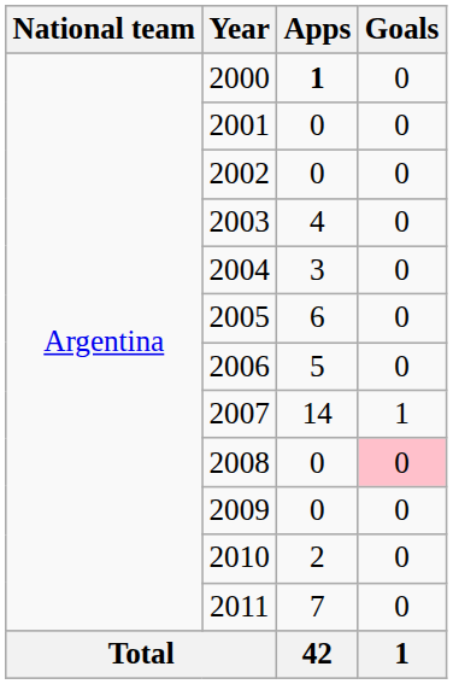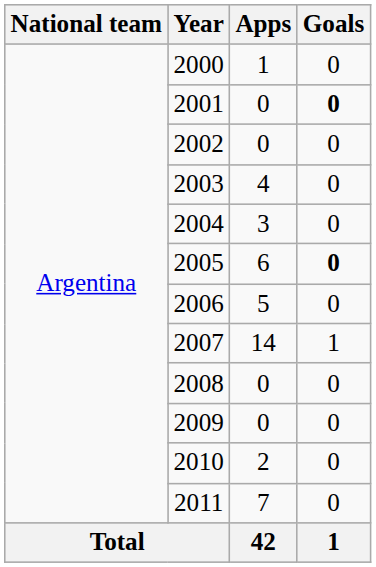 <table class="wikitable" style="text-align:center">
 <tr>
 <th>National team</th>
 <th>Year</th>
 <th>Apps</th>
 <th>Goals</th>
 </tr>
 <tr>
 <td rowspan="12"><a href='#'>Argentina</a></td>
 <td>2000</td>
-<td><strong>1</strong></td>
+<td>1</td>
 <td>0</td>
 </tr>
 <tr>
 <td>2001</td>
 <td>0</td>
-<td>0</td>
+<td><strong>0</strong></td>
 </tr>
 <tr>
 <td>2002</td>
 <td>0</td>
 <td>0</td>
 </tr>
 <tr>
 <td>2003</td>
 <td>4</td>
 <td>0</td>
 </tr>
 <tr>
 <td>2004</td>
 <td>3</td>
 <td>0</td>
 </tr>
 <tr>
 <td>2005</td>
 <td>6</td>
-<td>0</td>
+<td><strong>0</strong></td>
 </tr>
 <tr>
 <td>2006</td>
 <td>5</td>
 <td>0</td>
 </tr>
 <tr>
 <td>2007</td>
 <td>14</td>
 <td>1</td>
 </tr>
 <tr>
 <td>2008</td>
 <td>0</td>
-<td style="background: pink;">0</td>
+<td>0</td>
 </tr>
 <tr>
 <td>2009</td>
 <td>0</td>
 <td>0</td>
 </tr>
 <tr>
 <td>2010</td>
 <td>2</td>
 <td>0</td>
 </tr>
 <tr>
 <td>2011</td>
 <td>7</td>
 <td>0</td>
 </tr>
 <tr>
 <th colspan="2">Total</th>
 <th>42</th>
 <th>1</th>
 </tr>
 </table>
